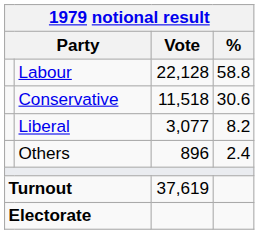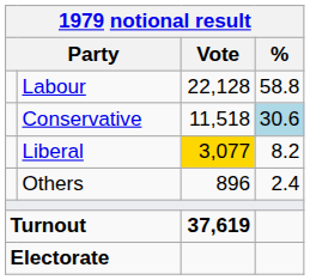 <table class="wikitable">
 <tr>
 <th colspan="4"><a href='#'>1979</a> <a href='#'>notional result</a></th>
 </tr>
 <tr>
 <th bgcolor="#DDDDFF" width="130px" colspan="2">Party</th>
 <th bgcolor="#DDDDFF" width="50px">Vote</th>
 <th bgcolor="#DDDDFF" width="30px">%</th>
 </tr>
 <tr>
 <td></td>
 <td><a href='#'>Labour</a></td>
 <td align=right>22,128</td>
 <td align=right>58.8</td>
 </tr>
 <tr>
 <td></td>
 <td><a href='#'>Conservative</a></td>
 <td align=right>11,518</td>
-<td align=right>30.6</td>
+<td align=right style="background: lightblue;">30.6</td>
 </tr>
 <tr>
 <td></td>
 <td><a href='#'>Liberal</a></td>
-<td align=right>3,077</td>
+<td align=right style="background: gold;">3,077</td>
 <td align=right>8.2</td>
 </tr>
 <tr>
 <td></td>
 <td>Others</td>
 <td align=right>896</td>
 <td align=right>2.4</td>
 </tr>
 <tr>
 <td colspan="4" bgcolor="#EAECF0"></td>
 </tr>
 <tr>
 <td colspan="2"><strong>Turnout</strong></td>
-<td align=right>37,619</td>
+<td align=right><strong>37,619</strong></td>
 <td align=right></td>
 </tr>
 <tr>
 <td colspan="2"><strong>Electorate</strong></td>
 <td align=right></td>
 </tr>
 </table>
